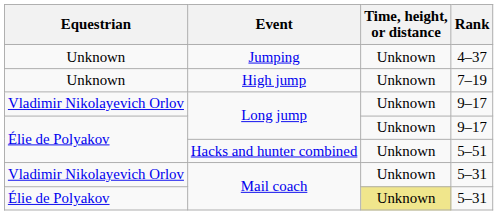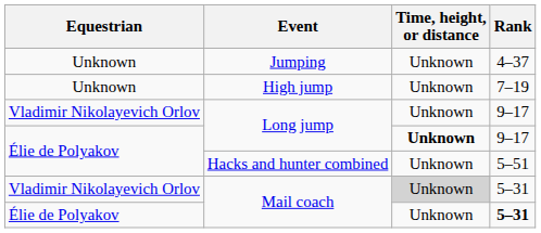 <table class="wikitable sortable" style="text-align:center">
 <tr>
 <th>Equestrian</th>
 <th>Event</th>
 <th>Time, height, <br> or distance</th>
 <th>Rank</th>
 </tr>
 <tr>
 <td>Unknown</td>
 <td><a href='#'>Jumping</a></td>
 <td>Unknown</td>
 <td>4–37</td>
 </tr>
 <tr>
 <td>Unknown</td>
 <td><a href='#'>High jump</a></td>
 <td>Unknown</td>
 <td>7–19</td>
 </tr>
 <tr>
 <td align=left><a href='#'>Vladimir Nikolayevich Orlov</a></td>
 <td rowspan=2><a href='#'>Long jump</a></td>
 <td>Unknown</td>
 <td>9–17</td>
 </tr>
 <tr>
 <td rowspan="2" align="left"><a href='#'>Élie de Polyakov</a></td>
-<td>Unknown</td>
+<td><strong>Unknown</strong></td>
 <td>9–17</td>
 </tr>
 <tr>
 <td><a href='#'>Hacks and hunter combined</a></td>
 <td>Unknown</td>
 <td>5–51</td>
 </tr>
 <tr>
 <td align=left><a href='#'>Vladimir Nikolayevich Orlov</a></td>
 <td rowspan=2><a href='#'>Mail coach</a></td>
-<td>Unknown</td>
+<td style="background: lightgrey;">Unknown</td>
 <td>5–31</td>
 </tr>
 <tr>
 <td align=left><a href='#'>Élie de Polyakov</a></td>
-<td style="background: khaki;">Unknown</td>
-<td>5–31</td>
+<td>Unknown</td>
+<td><strong>5–31</strong></td>
 </tr>
 </table>
